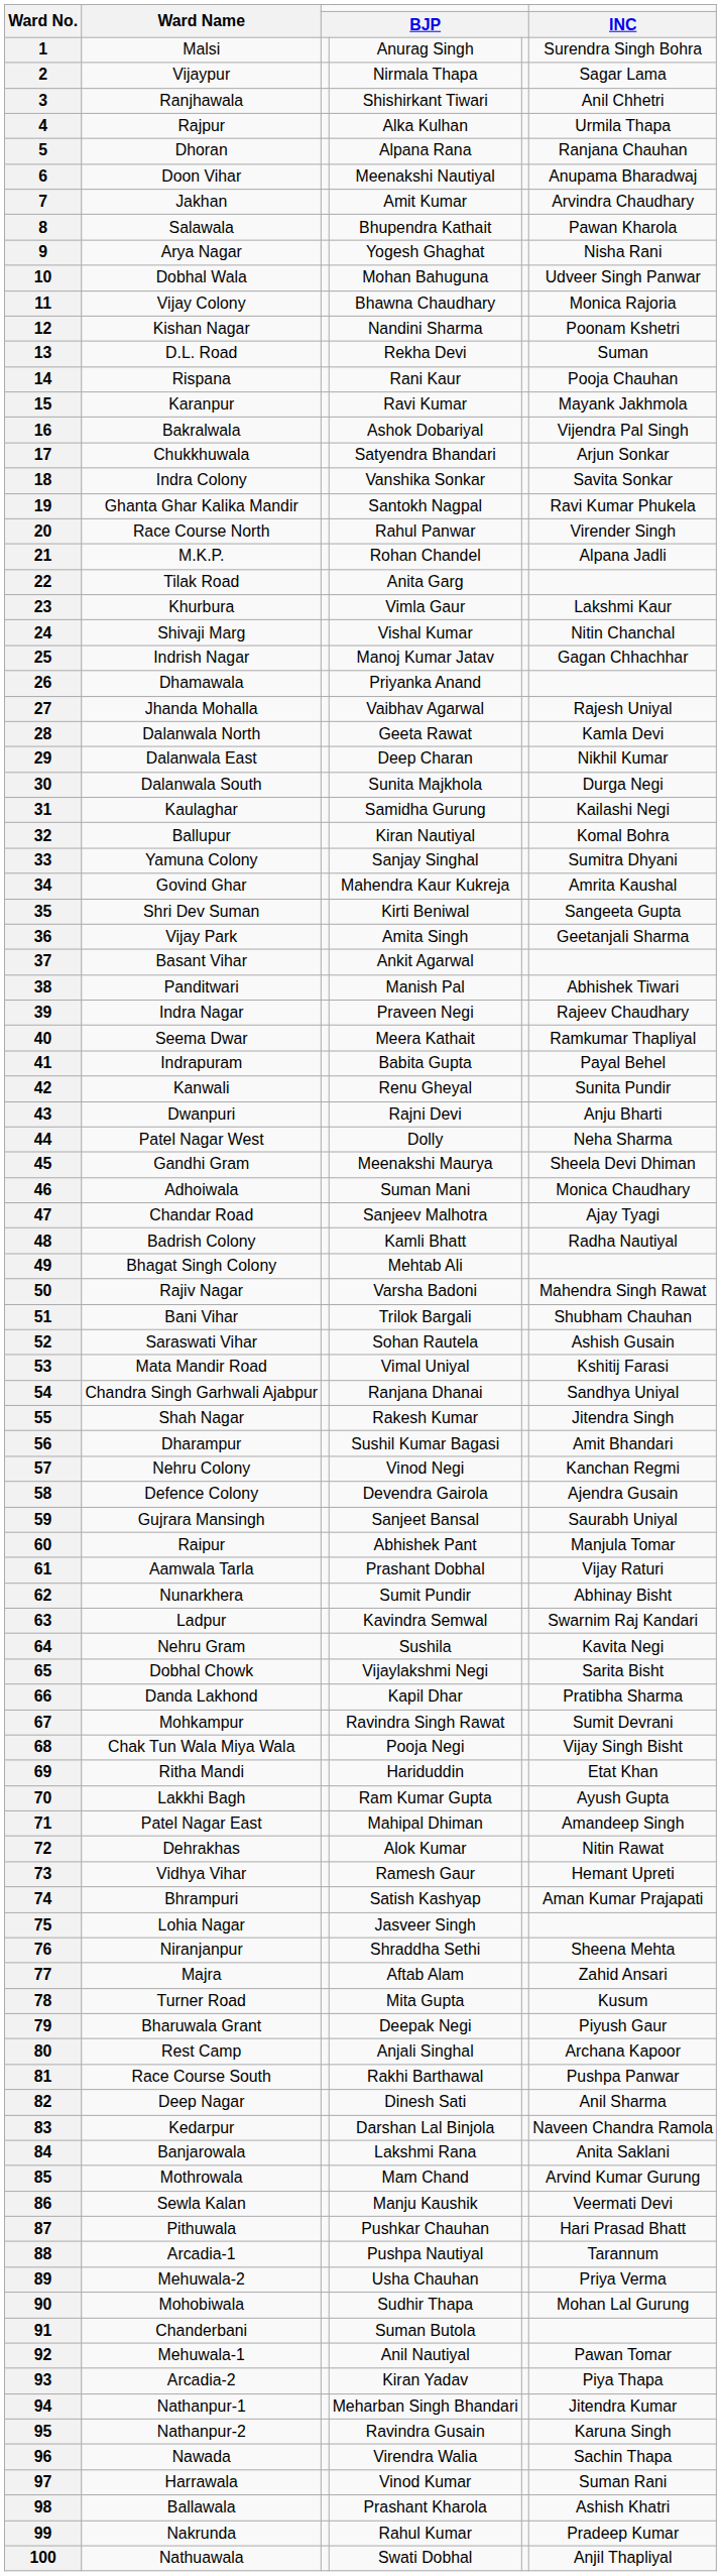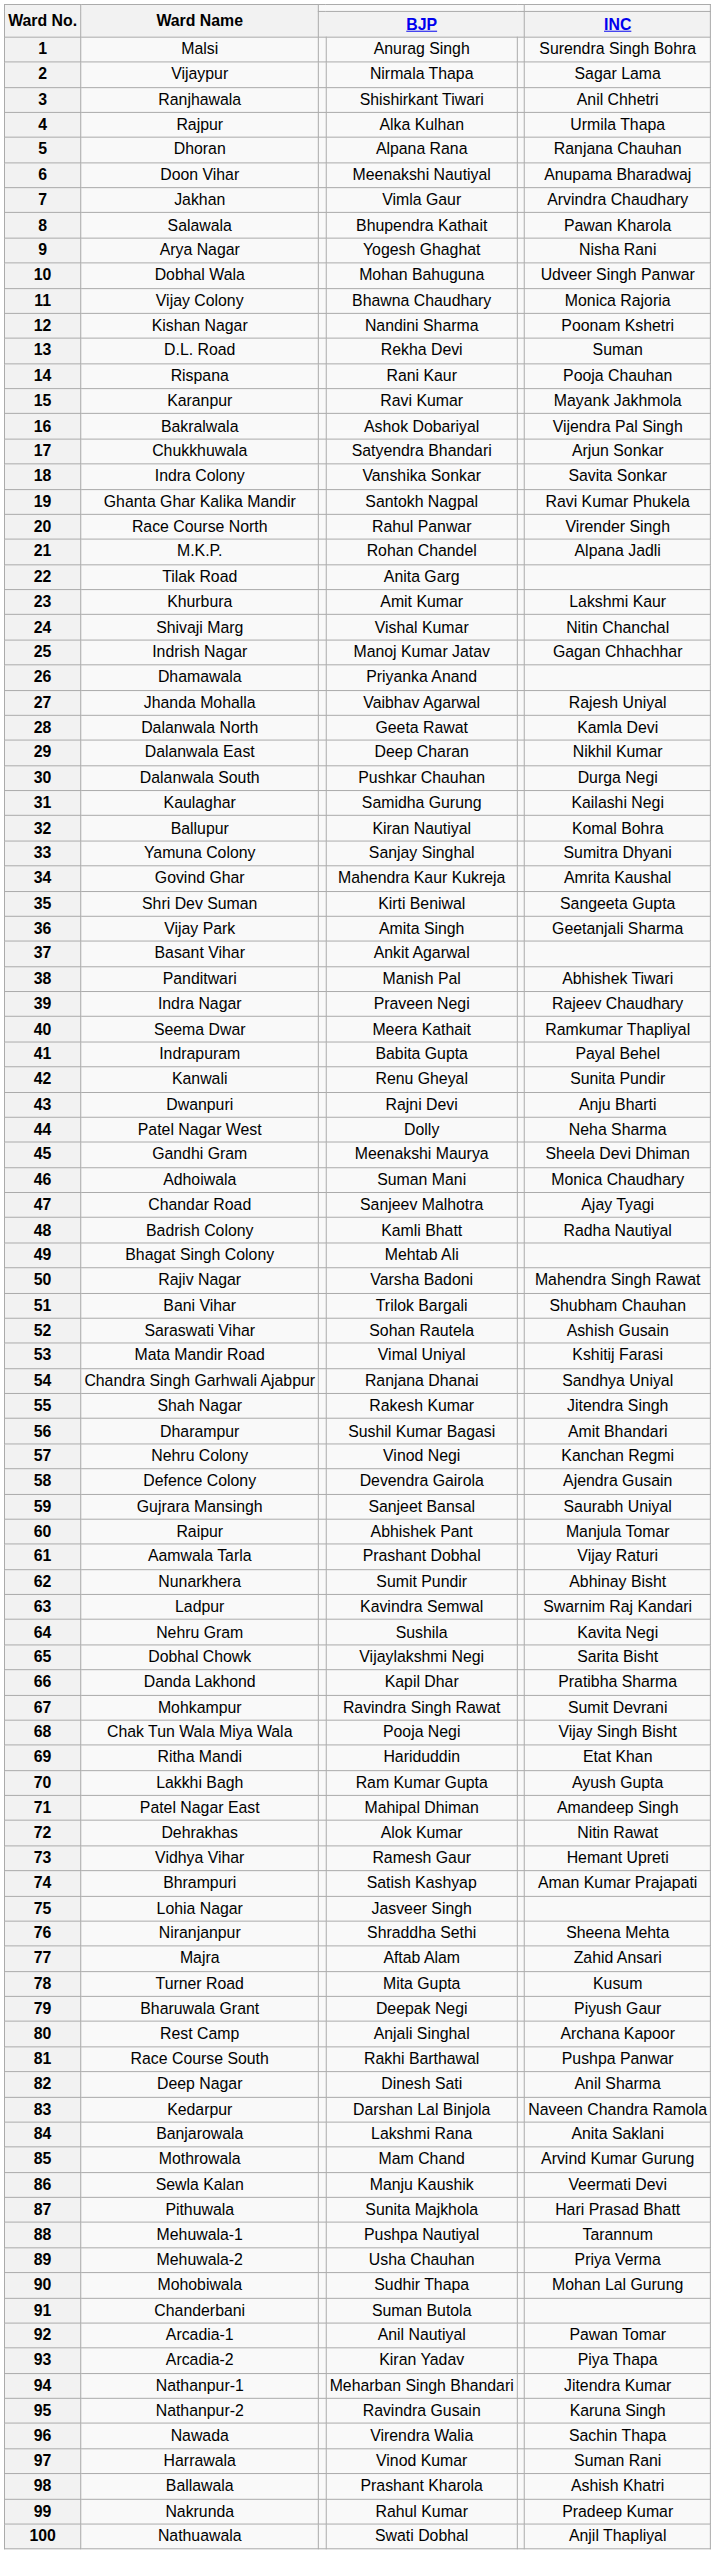 <table class="wikitable sortable" style="text-align:center;">
 <tr>
 <th rowspan="2">Ward No.</th>
 <th rowspan="2">Ward Name</th>
 <td colspan="3" style="background:"></td>
 <td colspan="3" style="background:"></td>
 </tr>
 <tr>
 <th colspan="3"><a href='#'>BJP</a></th>
 <th colspan="3"><a href='#'>INC</a></th>
 </tr>
 <tr>
 <th>1</th>
 <td>Malsi</td>
 <td></td>
 <td>Anurag Singh</td>
 <td></td>
 <td>Surendra Singh Bohra</td>
 </tr>
 <tr>
 <th>2</th>
 <td>Vijaypur</td>
 <td></td>
 <td>Nirmala Thapa</td>
 <td></td>
 <td>Sagar Lama</td>
 </tr>
 <tr>
 <th>3</th>
 <td>Ranjhawala</td>
 <td></td>
 <td>Shishirkant Tiwari</td>
 <td></td>
 <td>Anil Chhetri</td>
 </tr>
 <tr>
 <th>4</th>
 <td>Rajpur</td>
 <td></td>
 <td>Alka Kulhan</td>
 <td></td>
 <td>Urmila Thapa</td>
 </tr>
 <tr>
 <th>5</th>
 <td>Dhoran</td>
 <td></td>
 <td>Alpana Rana</td>
 <td></td>
 <td>Ranjana Chauhan</td>
 </tr>
 <tr>
 <th>6</th>
 <td>Doon Vihar</td>
 <td></td>
 <td>Meenakshi Nautiyal</td>
 <td></td>
 <td>Anupama Bharadwaj</td>
 </tr>
 <tr>
 <th>7</th>
 <td>Jakhan</td>
 <td></td>
-<td>Amit Kumar</td>
+<td>Vimla Gaur</td>
 <td></td>
 <td>Arvindra Chaudhary</td>
 </tr>
 <tr>
 <th>8</th>
 <td>Salawala</td>
 <td></td>
 <td>Bhupendra Kathait</td>
 <td></td>
 <td>Pawan Kharola</td>
 </tr>
 <tr>
 <th>9</th>
 <td>Arya Nagar</td>
 <td></td>
 <td>Yogesh Ghaghat</td>
 <td></td>
 <td>Nisha Rani</td>
 </tr>
 <tr>
 <th>10</th>
 <td>Dobhal Wala</td>
 <td></td>
 <td>Mohan Bahuguna</td>
 <td></td>
 <td>Udveer Singh Panwar</td>
 </tr>
 <tr>
 <th>11</th>
 <td>Vijay Colony</td>
 <td></td>
 <td>Bhawna Chaudhary</td>
 <td></td>
 <td>Monica Rajoria</td>
 </tr>
 <tr>
 <th>12</th>
 <td>Kishan Nagar</td>
 <td></td>
 <td>Nandini Sharma</td>
 <td></td>
 <td>Poonam Kshetri</td>
 </tr>
 <tr>
 <th>13</th>
 <td>D.L. Road</td>
 <td></td>
 <td>Rekha Devi</td>
 <td></td>
 <td>Suman</td>
 </tr>
 <tr>
 <th>14</th>
 <td>Rispana</td>
 <td></td>
 <td>Rani Kaur</td>
 <td></td>
 <td>Pooja Chauhan</td>
 </tr>
 <tr>
 <th>15</th>
 <td>Karanpur</td>
 <td></td>
 <td>Ravi Kumar</td>
 <td></td>
 <td>Mayank Jakhmola</td>
 </tr>
 <tr>
 <th>16</th>
 <td>Bakralwala</td>
 <td></td>
 <td>Ashok Dobariyal</td>
 <td></td>
 <td>Vijendra Pal Singh</td>
 </tr>
 <tr>
 <th>17</th>
 <td>Chukkhuwala</td>
 <td></td>
 <td>Satyendra Bhandari</td>
 <td></td>
 <td>Arjun Sonkar</td>
 </tr>
 <tr>
 <th>18</th>
 <td>Indra Colony</td>
 <td></td>
 <td>Vanshika Sonkar</td>
 <td></td>
 <td>Savita Sonkar</td>
 </tr>
 <tr>
 <th>19</th>
 <td>Ghanta Ghar Kalika Mandir</td>
 <td></td>
 <td>Santokh Nagpal</td>
 <td></td>
 <td>Ravi Kumar Phukela</td>
 </tr>
 <tr>
 <th>20</th>
 <td>Race Course North</td>
 <td></td>
 <td>Rahul Panwar</td>
 <td></td>
 <td>Virender Singh</td>
 </tr>
 <tr>
 <th>21</th>
 <td>M.K.P.</td>
 <td></td>
 <td>Rohan Chandel</td>
 <td></td>
 <td>Alpana Jadli</td>
 </tr>
 <tr>
 <th>22</th>
 <td>Tilak Road</td>
 <td></td>
 <td>Anita Garg</td>
 <td></td>
 <td></td>
 </tr>
 <tr>
 <th>23</th>
 <td>Khurbura</td>
 <td></td>
-<td>Vimla Gaur</td>
+<td>Amit Kumar</td>
 <td></td>
 <td>Lakshmi Kaur</td>
 </tr>
 <tr>
 <th>24</th>
 <td>Shivaji Marg</td>
 <td></td>
 <td>Vishal Kumar</td>
 <td></td>
 <td>Nitin Chanchal</td>
 </tr>
 <tr>
 <th>25</th>
 <td>Indrish Nagar</td>
 <td></td>
 <td>Manoj Kumar Jatav</td>
 <td></td>
 <td>Gagan Chhachhar</td>
 </tr>
 <tr>
 <th>26</th>
 <td>Dhamawala</td>
 <td></td>
 <td>Priyanka Anand</td>
 <td></td>
 <td></td>
 </tr>
 <tr>
 <th>27</th>
 <td>Jhanda Mohalla</td>
 <td></td>
 <td>Vaibhav Agarwal</td>
 <td></td>
 <td>Rajesh Uniyal</td>
 </tr>
 <tr>
 <th>28</th>
 <td>Dalanwala North</td>
 <td></td>
 <td>Geeta Rawat</td>
 <td></td>
 <td>Kamla Devi</td>
 </tr>
 <tr>
 <th>29</th>
 <td>Dalanwala East</td>
 <td></td>
 <td>Deep Charan</td>
 <td></td>
 <td>Nikhil Kumar</td>
 </tr>
 <tr>
 <th>30</th>
 <td>Dalanwala South</td>
 <td></td>
-<td>Sunita Majkhola</td>
+<td>Pushkar Chauhan</td>
 <td></td>
 <td>Durga Negi</td>
 </tr>
 <tr>
 <th>31</th>
 <td>Kaulaghar</td>
 <td></td>
 <td>Samidha Gurung</td>
 <td></td>
 <td>Kailashi Negi</td>
 </tr>
 <tr>
 <th>32</th>
 <td>Ballupur</td>
 <td></td>
 <td>Kiran Nautiyal</td>
 <td></td>
 <td>Komal Bohra</td>
 </tr>
 <tr>
 <th>33</th>
 <td>Yamuna Colony</td>
 <td></td>
 <td>Sanjay Singhal</td>
 <td></td>
 <td>Sumitra Dhyani</td>
 </tr>
 <tr>
 <th>34</th>
 <td>Govind Ghar</td>
 <td></td>
 <td>Mahendra Kaur Kukreja</td>
 <td></td>
 <td>Amrita Kaushal</td>
 </tr>
 <tr>
 <th>35</th>
 <td>Shri Dev Suman</td>
 <td></td>
 <td>Kirti Beniwal</td>
 <td></td>
 <td>Sangeeta Gupta</td>
 </tr>
 <tr>
 <th>36</th>
 <td>Vijay Park</td>
 <td></td>
 <td>Amita Singh</td>
 <td></td>
 <td>Geetanjali Sharma</td>
 </tr>
 <tr>
 <th>37</th>
 <td>Basant Vihar</td>
 <td></td>
 <td>Ankit Agarwal</td>
 <td></td>
 <td></td>
 </tr>
 <tr>
 <th>38</th>
 <td>Panditwari</td>
 <td></td>
 <td>Manish Pal</td>
 <td></td>
 <td>Abhishek Tiwari</td>
 </tr>
 <tr>
 <th>39</th>
 <td>Indra Nagar</td>
 <td></td>
 <td>Praveen Negi</td>
 <td></td>
 <td>Rajeev Chaudhary</td>
 </tr>
 <tr>
 <th>40</th>
 <td>Seema Dwar</td>
 <td></td>
 <td>Meera Kathait</td>
 <td></td>
 <td>Ramkumar Thapliyal</td>
 </tr>
 <tr>
 <th>41</th>
 <td>Indrapuram</td>
 <td></td>
 <td>Babita Gupta</td>
 <td></td>
 <td>Payal Behel</td>
 </tr>
 <tr>
 <th>42</th>
 <td>Kanwali</td>
 <td></td>
 <td>Renu Gheyal</td>
 <td></td>
 <td>Sunita Pundir</td>
 </tr>
 <tr>
 <th>43</th>
 <td>Dwanpuri</td>
 <td></td>
 <td>Rajni Devi</td>
 <td></td>
 <td>Anju Bharti</td>
 </tr>
 <tr>
 <th>44</th>
 <td>Patel Nagar West</td>
 <td></td>
 <td>Dolly</td>
 <td></td>
 <td>Neha Sharma</td>
 </tr>
 <tr>
 <th>45</th>
 <td>Gandhi Gram</td>
 <td></td>
 <td>Meenakshi Maurya</td>
 <td></td>
 <td>Sheela Devi Dhiman</td>
 </tr>
 <tr>
 <th>46</th>
 <td>Adhoiwala</td>
 <td></td>
 <td>Suman Mani</td>
 <td></td>
 <td>Monica Chaudhary</td>
 </tr>
 <tr>
 <th>47</th>
 <td>Chandar Road</td>
 <td></td>
 <td>Sanjeev Malhotra</td>
 <td></td>
 <td>Ajay Tyagi</td>
 </tr>
 <tr>
 <th>48</th>
 <td>Badrish Colony</td>
 <td></td>
 <td>Kamli Bhatt</td>
 <td></td>
 <td>Radha Nautiyal</td>
 </tr>
 <tr>
 <th>49</th>
 <td>Bhagat Singh Colony</td>
 <td></td>
 <td>Mehtab Ali</td>
 <td></td>
 <td></td>
 </tr>
 <tr>
 <th>50</th>
 <td>Rajiv Nagar</td>
 <td></td>
 <td>Varsha Badoni</td>
 <td></td>
 <td>Mahendra Singh Rawat</td>
 </tr>
 <tr>
 <th>51</th>
 <td>Bani Vihar</td>
 <td></td>
 <td>Trilok Bargali</td>
 <td></td>
 <td>Shubham Chauhan</td>
 </tr>
 <tr>
 <th>52</th>
 <td>Saraswati Vihar</td>
 <td></td>
 <td>Sohan Rautela</td>
 <td></td>
 <td>Ashish Gusain</td>
 </tr>
 <tr>
 <th>53</th>
 <td>Mata Mandir Road</td>
 <td></td>
 <td>Vimal Uniyal</td>
 <td></td>
 <td>Kshitij Farasi</td>
 </tr>
 <tr>
 <th>54</th>
 <td>Chandra Singh Garhwali Ajabpur</td>
 <td></td>
 <td>Ranjana Dhanai</td>
 <td></td>
 <td>Sandhya Uniyal</td>
 </tr>
 <tr>
 <th>55</th>
 <td>Shah Nagar</td>
 <td></td>
 <td>Rakesh Kumar</td>
 <td></td>
 <td>Jitendra Singh</td>
 </tr>
 <tr>
 <th>56</th>
 <td>Dharampur</td>
 <td></td>
 <td>Sushil Kumar Bagasi</td>
 <td></td>
 <td>Amit Bhandari</td>
 </tr>
 <tr>
 <th>57</th>
 <td>Nehru Colony</td>
 <td></td>
 <td>Vinod Negi</td>
 <td></td>
 <td>Kanchan Regmi</td>
 </tr>
 <tr>
 <th>58</th>
 <td>Defence Colony</td>
 <td></td>
 <td>Devendra Gairola</td>
 <td></td>
 <td>Ajendra Gusain</td>
 </tr>
 <tr>
 <th>59</th>
 <td>Gujrara Mansingh</td>
 <td></td>
 <td>Sanjeet Bansal</td>
 <td></td>
 <td>Saurabh Uniyal</td>
 </tr>
 <tr>
 <th>60</th>
 <td>Raipur</td>
 <td></td>
 <td>Abhishek Pant</td>
 <td></td>
 <td>Manjula Tomar</td>
 </tr>
 <tr>
 <th>61</th>
 <td>Aamwala Tarla</td>
 <td></td>
 <td>Prashant Dobhal</td>
 <td></td>
 <td>Vijay Raturi</td>
 </tr>
 <tr>
 <th>62</th>
 <td>Nunarkhera</td>
 <td></td>
 <td>Sumit Pundir</td>
 <td></td>
 <td>Abhinay Bisht</td>
 </tr>
 <tr>
 <th>63</th>
 <td>Ladpur</td>
 <td></td>
 <td>Kavindra Semwal</td>
 <td></td>
 <td>Swarnim Raj Kandari</td>
 </tr>
 <tr>
 <th>64</th>
 <td>Nehru Gram</td>
 <td></td>
 <td>Sushila</td>
 <td></td>
 <td>Kavita Negi</td>
 </tr>
 <tr>
 <th>65</th>
 <td>Dobhal Chowk</td>
 <td></td>
 <td>Vijaylakshmi Negi</td>
 <td></td>
 <td>Sarita Bisht</td>
 </tr>
 <tr>
 <th>66</th>
 <td>Danda Lakhond</td>
 <td></td>
 <td>Kapil Dhar</td>
 <td></td>
 <td>Pratibha Sharma</td>
 </tr>
 <tr>
 <th>67</th>
 <td>Mohkampur</td>
 <td></td>
 <td>Ravindra Singh Rawat</td>
 <td></td>
 <td>Sumit Devrani</td>
 </tr>
 <tr>
 <th>68</th>
 <td>Chak Tun Wala Miya Wala</td>
 <td></td>
 <td>Pooja Negi</td>
 <td></td>
 <td>Vijay Singh Bisht</td>
 </tr>
 <tr>
 <th>69</th>
 <td>Ritha Mandi</td>
 <td></td>
 <td>Hariduddin</td>
 <td></td>
 <td>Etat Khan</td>
 </tr>
 <tr>
 <th>70</th>
 <td>Lakkhi Bagh</td>
 <td></td>
 <td>Ram Kumar Gupta</td>
 <td></td>
 <td>Ayush Gupta</td>
 </tr>
 <tr>
 <th>71</th>
 <td>Patel Nagar East</td>
 <td></td>
 <td>Mahipal Dhiman</td>
 <td></td>
 <td>Amandeep Singh</td>
 </tr>
 <tr>
 <th>72</th>
 <td>Dehrakhas</td>
 <td></td>
 <td>Alok Kumar</td>
 <td></td>
 <td>Nitin Rawat</td>
 </tr>
 <tr>
 <th>73</th>
 <td>Vidhya Vihar</td>
 <td></td>
 <td>Ramesh Gaur</td>
 <td></td>
 <td>Hemant Upreti</td>
 </tr>
 <tr>
 <th>74</th>
 <td>Bhrampuri</td>
 <td></td>
 <td>Satish Kashyap</td>
 <td></td>
 <td>Aman Kumar Prajapati</td>
 </tr>
 <tr>
 <th>75</th>
 <td>Lohia Nagar</td>
 <td></td>
 <td>Jasveer Singh</td>
 <td></td>
 <td></td>
 </tr>
 <tr>
 <th>76</th>
 <td>Niranjanpur</td>
 <td></td>
 <td>Shraddha Sethi</td>
 <td></td>
 <td>Sheena Mehta</td>
 </tr>
 <tr>
 <th>77</th>
 <td>Majra</td>
 <td></td>
 <td>Aftab Alam</td>
 <td></td>
 <td>Zahid Ansari</td>
 </tr>
 <tr>
 <th>78</th>
 <td>Turner Road</td>
 <td></td>
 <td>Mita Gupta</td>
 <td></td>
 <td>Kusum</td>
 </tr>
 <tr>
 <th>79</th>
 <td>Bharuwala Grant</td>
 <td></td>
 <td>Deepak Negi</td>
 <td></td>
 <td>Piyush Gaur</td>
 </tr>
 <tr>
 <th>80</th>
 <td>Rest Camp</td>
 <td></td>
 <td>Anjali Singhal</td>
 <td></td>
 <td>Archana Kapoor</td>
 </tr>
 <tr>
 <th>81</th>
 <td>Race Course South</td>
 <td></td>
 <td>Rakhi Barthawal</td>
 <td></td>
 <td>Pushpa Panwar</td>
 </tr>
 <tr>
 <th>82</th>
 <td>Deep Nagar</td>
 <td></td>
 <td>Dinesh Sati</td>
 <td></td>
 <td>Anil Sharma</td>
 </tr>
 <tr>
 <th>83</th>
 <td>Kedarpur</td>
 <td></td>
 <td>Darshan Lal Binjola</td>
 <td></td>
 <td>Naveen Chandra Ramola</td>
 </tr>
 <tr>
 <th>84</th>
 <td>Banjarowala</td>
 <td></td>
 <td>Lakshmi Rana</td>
 <td></td>
 <td>Anita Saklani</td>
 </tr>
 <tr>
 <th>85</th>
 <td>Mothrowala</td>
 <td></td>
 <td>Mam Chand</td>
 <td></td>
 <td>Arvind Kumar Gurung</td>
 </tr>
 <tr>
 <th>86</th>
 <td>Sewla Kalan</td>
 <td></td>
 <td>Manju Kaushik</td>
 <td></td>
 <td>Veermati Devi</td>
 </tr>
 <tr>
 <th>87</th>
 <td>Pithuwala</td>
 <td></td>
-<td>Pushkar Chauhan</td>
+<td>Sunita Majkhola</td>
 <td></td>
 <td>Hari Prasad Bhatt</td>
 </tr>
 <tr>
 <th>88</th>
-<td>Arcadia-1</td>
+<td>Mehuwala-1</td>
 <td></td>
 <td>Pushpa Nautiyal</td>
 <td></td>
 <td>Tarannum</td>
 </tr>
 <tr>
 <th>89</th>
 <td>Mehuwala-2</td>
 <td></td>
 <td>Usha Chauhan</td>
 <td></td>
 <td>Priya Verma</td>
 </tr>
 <tr>
 <th>90</th>
 <td>Mohobiwala</td>
 <td></td>
 <td>Sudhir Thapa</td>
 <td></td>
 <td>Mohan Lal Gurung</td>
 </tr>
 <tr>
 <th>91</th>
 <td>Chanderbani</td>
 <td></td>
 <td>Suman Butola</td>
 <td></td>
 <td></td>
 </tr>
 <tr>
 <th>92</th>
-<td>Mehuwala-1</td>
+<td>Arcadia-1</td>
 <td></td>
 <td>Anil Nautiyal</td>
 <td></td>
 <td>Pawan Tomar</td>
 </tr>
 <tr>
 <th>93</th>
 <td>Arcadia-2</td>
 <td></td>
 <td>Kiran Yadav</td>
 <td></td>
 <td>Piya Thapa</td>
 </tr>
 <tr>
 <th>94</th>
 <td>Nathanpur-1</td>
 <td></td>
 <td>Meharban Singh Bhandari</td>
 <td></td>
 <td>Jitendra Kumar</td>
 </tr>
 <tr>
 <th>95</th>
 <td>Nathanpur-2</td>
 <td></td>
 <td>Ravindra Gusain</td>
 <td></td>
 <td>Karuna Singh</td>
 </tr>
 <tr>
 <th>96</th>
 <td>Nawada</td>
 <td></td>
 <td>Virendra Walia</td>
 <td></td>
 <td>Sachin Thapa</td>
 </tr>
 <tr>
 <th>97</th>
 <td>Harrawala</td>
 <td></td>
 <td>Vinod Kumar</td>
 <td></td>
 <td>Suman Rani</td>
 </tr>
 <tr>
 <th>98</th>
 <td>Ballawala</td>
 <td></td>
 <td>Prashant Kharola</td>
 <td></td>
 <td>Ashish Khatri</td>
 </tr>
 <tr>
 <th>99</th>
 <td>Nakrunda</td>
 <td></td>
 <td>Rahul Kumar</td>
 <td></td>
 <td>Pradeep Kumar</td>
 </tr>
 <tr>
 <th>100</th>
 <td>Nathuawala</td>
 <td></td>
 <td>Swati Dobhal</td>
 <td></td>
 <td>Anjil Thapliyal</td>
 </tr>
 </table>
